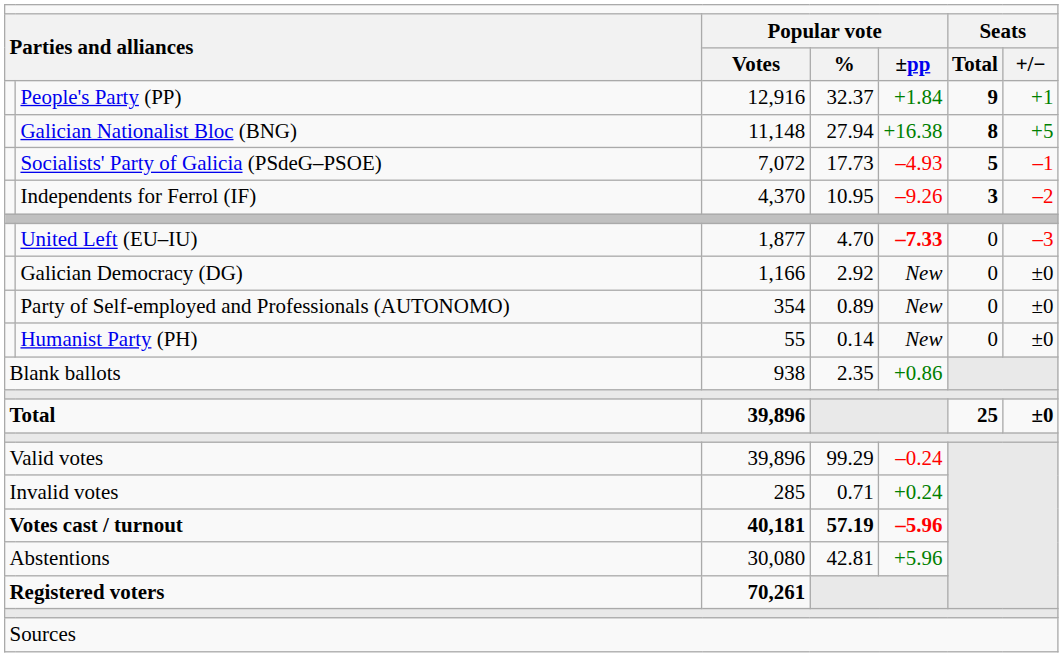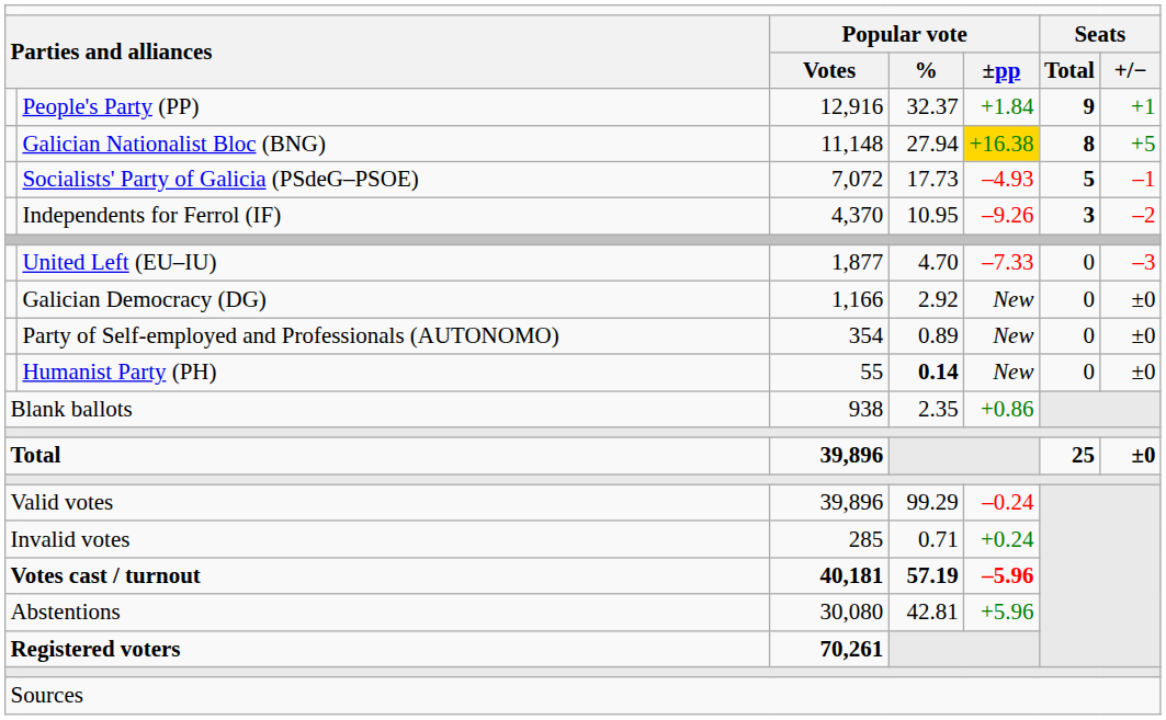 <table class="wikitable" style="text-align:right;">
 <tr>
 <td colspan="7"></td>
 </tr>
 <tr>
 <th style="text-align:left;" rowspan="2" colspan="2" width="525">Parties and alliances</th>
 <th colspan="3">Popular vote</th>
 <th colspan="2">Seats</th>
 </tr>
 <tr>
 <th width="75">Votes</th>
 <th width="45">%</th>
 <th width="45">±<a href='#'>pp</a></th>
 <th width="35">Total</th>
 <th width="35">+/−</th>
 </tr>
 <tr>
 <td width="1" style="color:inherit;background:"></td>
 <td align="left"><a href='#'>People's Party</a> (PP)</td>
 <td>12,916</td>
 <td>32.37</td>
 <td style="color:green;">+1.84</td>
 <td><strong>9</strong></td>
 <td style="color:green;">+1</td>
 </tr>
 <tr>
 <td style="color:inherit;background:"></td>
 <td align="left"><a href='#'>Galician Nationalist Bloc</a> (BNG)</td>
 <td>11,148</td>
 <td>27.94</td>
-<td style="color:green;">+16.38</td>
+<td style="background: gold; color:green;">+16.38</td>
 <td><strong>8</strong></td>
 <td style="color:green;">+5</td>
 </tr>
 <tr>
 <td style="color:inherit;background:"></td>
 <td align="left"><a href='#'>Socialists' Party of Galicia</a> (PSdeG–PSOE)</td>
 <td>7,072</td>
 <td>17.73</td>
 <td style="color:red;">–4.93</td>
 <td><strong>5</strong></td>
 <td style="color:red;">–1</td>
 </tr>
 <tr>
 <td style="color:inherit;background:"></td>
 <td align="left">Independents for Ferrol (IF)</td>
 <td>4,370</td>
 <td>10.95</td>
 <td style="color:red;">–9.26</td>
 <td><strong>3</strong></td>
 <td style="color:red;">–2</td>
 </tr>
 <tr>
 <td colspan="7" bgcolor="#C0C0C0"></td>
 </tr>
 <tr>
 <td style="color:inherit;background:"></td>
 <td align="left"><a href='#'>United Left</a> (EU–IU)</td>
 <td>1,877</td>
 <td>4.70</td>
-<td style="color:red;"><strong>–7.33</strong></td>
+<td style="color:red;">–7.33</td>
 <td>0</td>
 <td style="color:red;">–3</td>
 </tr>
 <tr>
 <td style="color:inherit;background:"></td>
 <td align="left">Galician Democracy (DG)</td>
 <td>1,166</td>
 <td>2.92</td>
 <td><em>New</em></td>
 <td>0</td>
 <td>±0</td>
 </tr>
 <tr>
 <td style="color:inherit;background:"></td>
 <td align="left">Party of Self-employed and Professionals (AUTONOMO)</td>
 <td>354</td>
 <td>0.89</td>
 <td><em>New</em></td>
 <td>0</td>
 <td>±0</td>
 </tr>
 <tr>
 <td style="color:inherit;background:"></td>
 <td align="left"><a href='#'>Humanist Party</a> (PH)</td>
 <td>55</td>
-<td>0.14</td>
+<td><strong>0.14</strong></td>
 <td><em>New</em></td>
 <td>0</td>
 <td>±0</td>
 </tr>
 <tr>
 <td align="left" colspan="2">Blank ballots</td>
 <td>938</td>
 <td>2.35</td>
 <td style="color:green;">+0.86</td>
 <td bgcolor="#E9E9E9" colspan="2"></td>
 </tr>
 <tr>
 <td colspan="7" bgcolor="#E9E9E9"></td>
 </tr>
 <tr style="font-weight:bold;">
 <td align="left" colspan="2">Total</td>
 <td>39,896</td>
 <td bgcolor="#E9E9E9" colspan="2"></td>
 <td>25</td>
 <td>±0</td>
 </tr>
 <tr>
 <td colspan="7" bgcolor="#E9E9E9"></td>
 </tr>
 <tr>
 <td align="left" colspan="2">Valid votes</td>
 <td>39,896</td>
 <td>99.29</td>
 <td style="color:red;">–0.24</td>
 <td bgcolor="#E9E9E9" colspan="2" rowspan="5"></td>
 </tr>
 <tr>
 <td align="left" colspan="2">Invalid votes</td>
 <td>285</td>
 <td>0.71</td>
 <td style="color:green;">+0.24</td>
 </tr>
 <tr style="font-weight:bold;">
 <td align="left" colspan="2">Votes cast / turnout</td>
 <td>40,181</td>
 <td>57.19</td>
 <td style="color:red;">–5.96</td>
 </tr>
 <tr>
 <td align="left" colspan="2">Abstentions</td>
 <td>30,080</td>
 <td>42.81</td>
 <td style="color:green;">+5.96</td>
 </tr>
 <tr style="font-weight:bold;">
 <td align="left" colspan="2">Registered voters</td>
 <td>70,261</td>
 <td bgcolor="#E9E9E9" colspan="2"></td>
 </tr>
 <tr>
 <td colspan="7" bgcolor="#E9E9E9"></td>
 </tr>
 <tr>
 <td align="left" colspan="7">Sources</td>
 </tr>
 </table>
